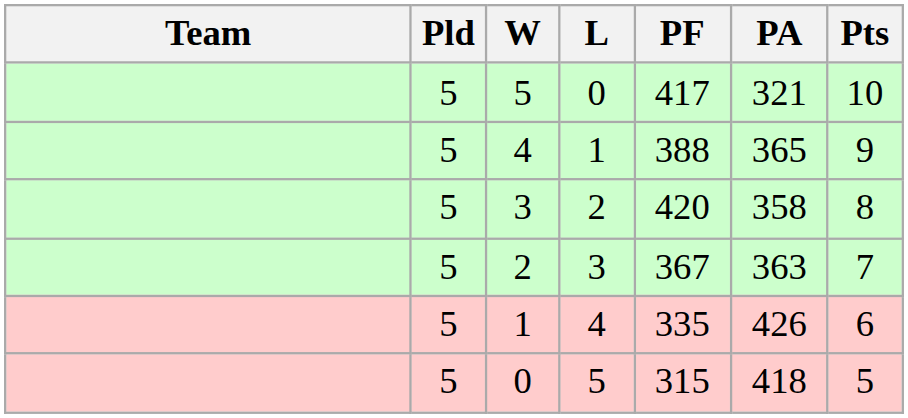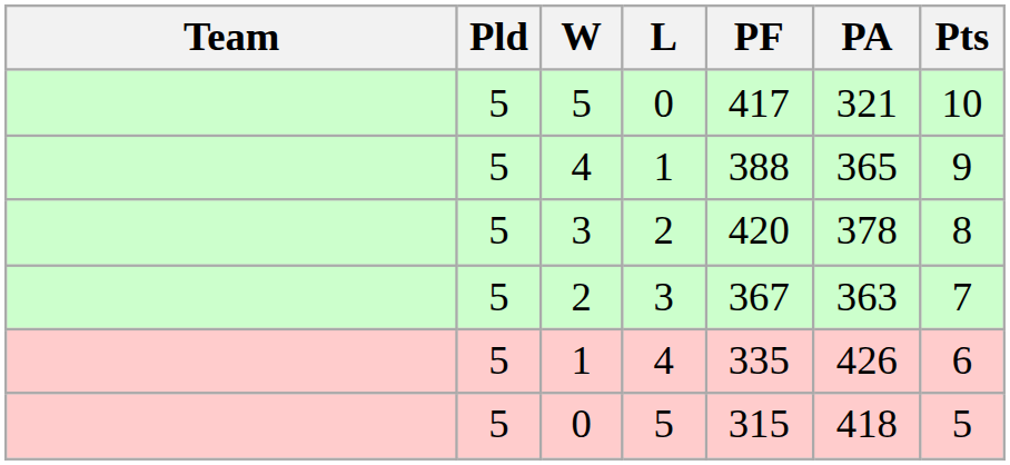 <table class="wikitable" style="text-align:center;">
 <tr>
 <th width=170>Team</th>
 <th width=25>Pld</th>
 <th width=25>W</th>
 <th width=25>L</th>
 <th width=35>PF</th>
 <th width=35>PA</th>
 <th width=25>Pts</th>
 </tr>
 <tr style="background:#ccffcc">
 <td style="text-align:left"></td>
 <td>5</td>
 <td>5</td>
 <td>0</td>
 <td>417</td>
 <td>321</td>
 <td>10</td>
 </tr>
 <tr style="background:#ccffcc">
 <td style="text-align:left"></td>
 <td>5</td>
 <td>4</td>
 <td>1</td>
 <td>388</td>
 <td>365</td>
 <td>9</td>
 </tr>
 <tr style="background:#ccffcc">
 <td style="text-align:left"></td>
 <td>5</td>
 <td>3</td>
 <td>2</td>
 <td>420</td>
-<td>358</td>
+<td>378</td>
 <td>8</td>
 </tr>
 <tr style="background:#ccffcc">
 <td style="text-align:left"></td>
 <td>5</td>
 <td>2</td>
 <td>3</td>
 <td>367</td>
 <td>363</td>
 <td>7</td>
 </tr>
 <tr style="background:#ffcccc">
 <td style="text-align:left"></td>
 <td>5</td>
 <td>1</td>
 <td>4</td>
 <td>335</td>
 <td>426</td>
 <td>6</td>
 </tr>
 <tr style="background:#ffcccc">
 <td style="text-align:left"></td>
 <td>5</td>
 <td>0</td>
 <td>5</td>
 <td>315</td>
 <td>418</td>
 <td>5</td>
 </tr>
 </table>
